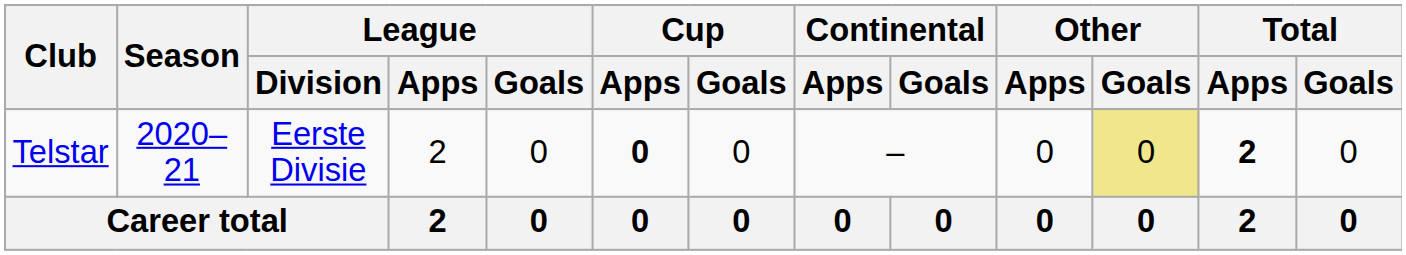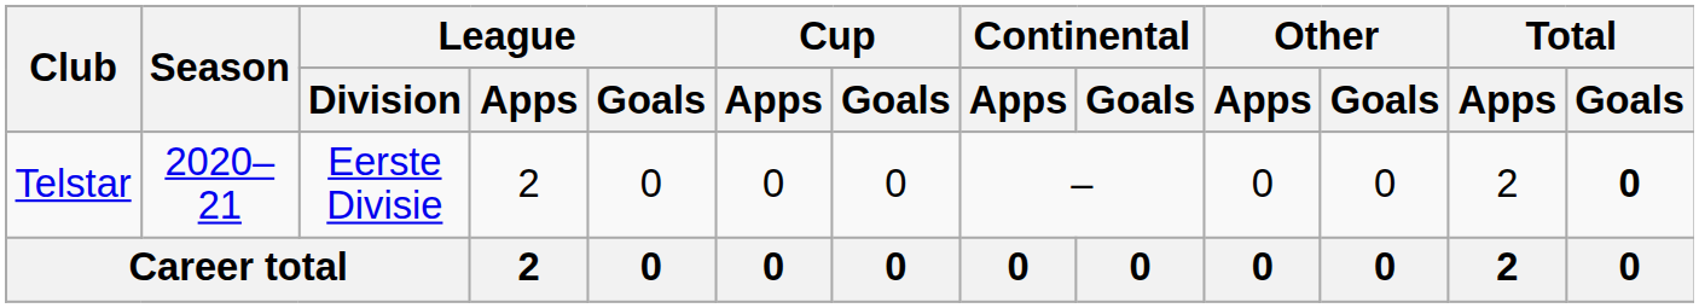 <table class="wikitable" style="text-align: center">
 <tr>
 <th rowspan="2">Club</th>
 <th rowspan="2">Season</th>
 <th colspan="3">League</th>
 <th colspan="2">Cup</th>
 <th colspan="2">Continental</th>
 <th colspan="2">Other</th>
 <th colspan="2">Total</th>
 </tr>
 <tr>
 <th>Division</th>
 <th>Apps</th>
 <th>Goals</th>
 <th>Apps</th>
 <th>Goals</th>
 <th>Apps</th>
 <th>Goals</th>
 <th>Apps</th>
 <th>Goals</th>
 <th>Apps</th>
 <th>Goals</th>
 </tr>
 <tr>
 <td><a href='#'>Telstar</a></td>
 <td><a href='#'>2020–21</a></td>
 <td><a href='#'>Eerste Divisie</a></td>
 <td>2</td>
 <td>0</td>
-<td><strong>0</strong></td>
+<td>0</td>
 <td>0</td>
 <td colspan="2">–</td>
 <td>0</td>
-<td style="background: khaki;">0</td>
-<td><strong>2</strong></td>
 <td>0</td>
+<td>2</td>
+<td><strong>0</strong></td>
 </tr>
 <tr>
 <th colspan="3"><strong>Career total</strong></th>
 <th>2</th>
 <th>0</th>
 <th>0</th>
 <th>0</th>
 <th>0</th>
 <th>0</th>
 <th>0</th>
 <th>0</th>
 <th>2</th>
 <th>0</th>
 </tr>
 </table>
